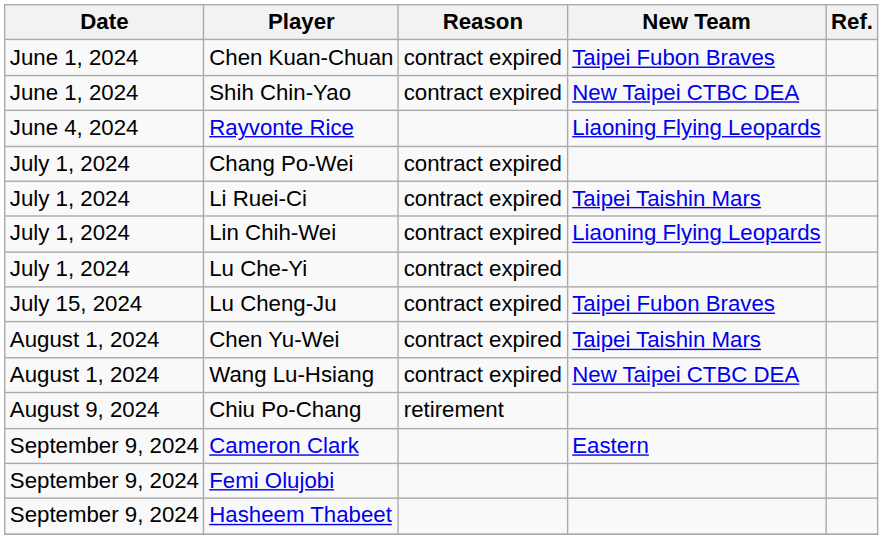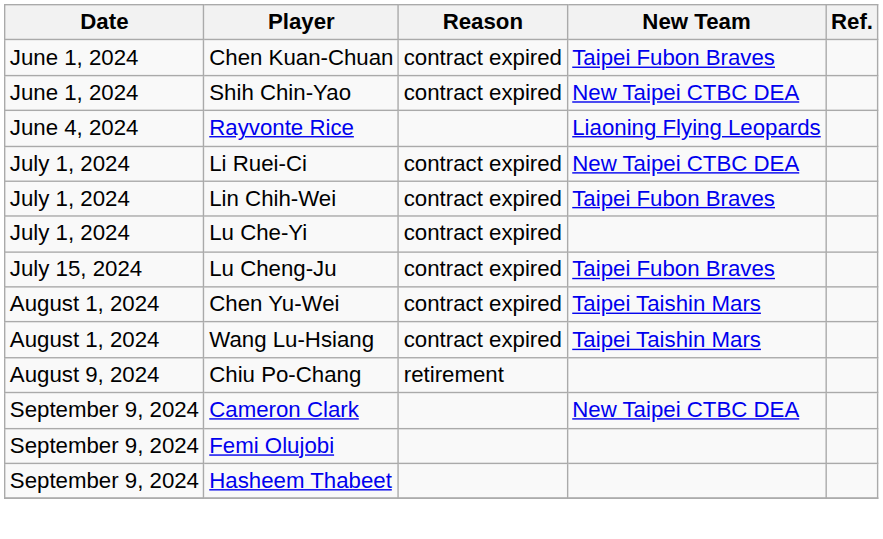 <table class="wikitable">
 <tr>
 <th>Date</th>
 <th>Player</th>
 <th>Reason</th>
 <th>New Team</th>
 <th>Ref.</th>
 </tr>
 <tr>
 <td>June 1, 2024</td>
 <td>Chen Kuan-Chuan</td>
 <td>contract expired</td>
 <td><a href='#'>Taipei Fubon Braves</a></td>
 <td></td>
 </tr>
 <tr>
 <td>June 1, 2024</td>
 <td>Shih Chin-Yao</td>
 <td>contract expired</td>
 <td><a href='#'>New Taipei CTBC DEA</a></td>
 <td></td>
 </tr>
 <tr>
 <td>June 4, 2024</td>
 <td><a href='#'>Rayvonte Rice</a></td>
 <td></td>
 <td><a href='#'>Liaoning Flying Leopards</a></td>
 <td></td>
 </tr>
 <tr>
 <td>July 1, 2024</td>
-<td>Chang Po-Wei</td>
-<td>contract expired</td>
-<td></td>
-<td></td>
-</tr>
-<tr>
-<td>July 1, 2024</td>
 <td>Li Ruei-Ci</td>
 <td>contract expired</td>
-<td><a href='#'>Taipei Taishin Mars</a></td>
+<td><a href='#'>New Taipei CTBC DEA</a></td>
 <td></td>
 </tr>
 <tr>
 <td>July 1, 2024</td>
 <td>Lin Chih-Wei</td>
 <td>contract expired</td>
-<td><a href='#'>Liaoning Flying Leopards</a></td>
+<td><a href='#'>Taipei Fubon Braves</a></td>
 <td></td>
 </tr>
 <tr>
 <td>July 1, 2024</td>
 <td>Lu Che-Yi</td>
 <td>contract expired</td>
 <td></td>
 <td></td>
 </tr>
 <tr>
 <td>July 15, 2024</td>
 <td>Lu Cheng-Ju</td>
 <td>contract expired</td>
 <td><a href='#'>Taipei Fubon Braves</a></td>
 <td></td>
 </tr>
 <tr>
 <td>August 1, 2024</td>
 <td>Chen Yu-Wei</td>
 <td>contract expired</td>
 <td><a href='#'>Taipei Taishin Mars</a></td>
 <td></td>
 </tr>
 <tr>
 <td>August 1, 2024</td>
 <td>Wang Lu-Hsiang</td>
 <td>contract expired</td>
-<td><a href='#'>New Taipei CTBC DEA</a></td>
+<td><a href='#'>Taipei Taishin Mars</a></td>
 <td></td>
 </tr>
 <tr>
 <td>August 9, 2024</td>
 <td>Chiu Po-Chang</td>
 <td>retirement</td>
 <td></td>
 <td></td>
 </tr>
 <tr>
 <td>September 9, 2024</td>
 <td><a href='#'>Cameron Clark</a></td>
 <td></td>
-<td><a href='#'>Eastern</a></td>
+<td><a href='#'>New Taipei CTBC DEA</a></td>
 <td></td>
 </tr>
 <tr>
 <td>September 9, 2024</td>
 <td><a href='#'>Femi Olujobi</a></td>
 <td></td>
 <td></td>
 <td></td>
 </tr>
 <tr>
 <td>September 9, 2024</td>
 <td><a href='#'>Hasheem Thabeet</a></td>
 <td></td>
 <td></td>
 <td></td>
 </tr>
 <tr>
 </tr>
 </table>
